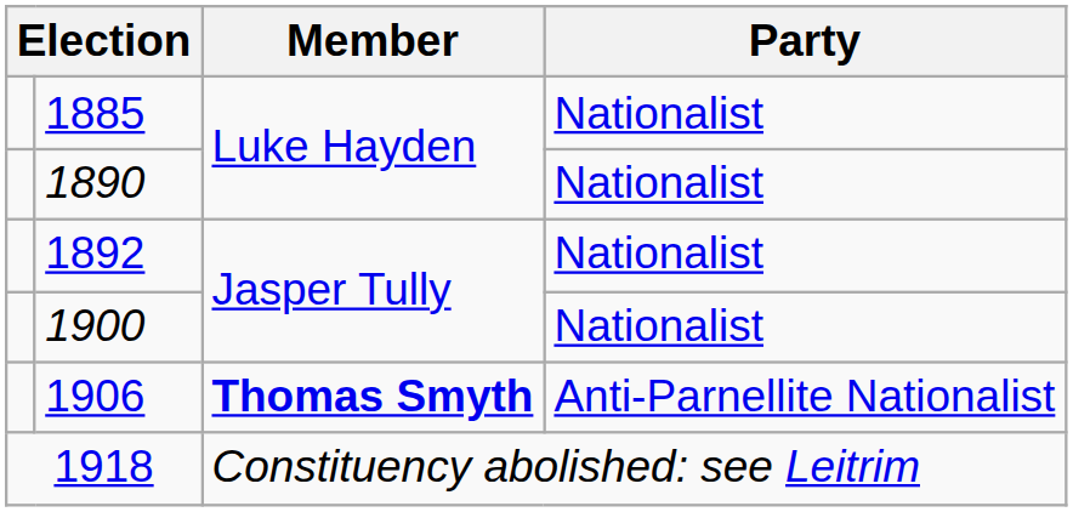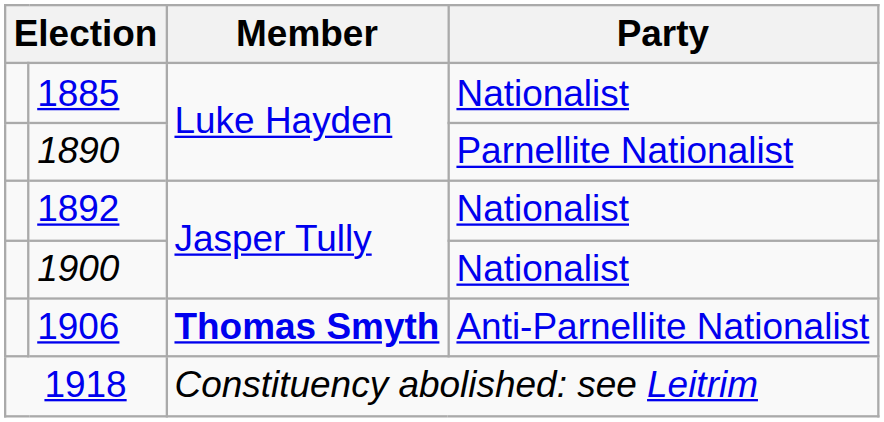 <table class="wikitable">
 <tr>
 <th colspan="2">Election</th>
 <th>Member</th>
 <th>Party</th>
 </tr>
 <tr>
 <td style="color:inherit;background-color: "></td>
 <td><a href='#'>1885</a></td>
 <td rowspan="2"><a href='#'>Luke Hayden</a></td>
 <td><a href='#'>Nationalist</a></td>
 </tr>
 <tr>
 <td style="color:inherit;background-color: "></td>
 <td><em>1890</em></td>
-<td><a href='#'>Nationalist</a></td>
+<td><a href='#'>Parnellite Nationalist</a></td>
 </tr>
 <tr>
 <td style="color:inherit;background-color: "></td>
 <td><a href='#'>1892</a></td>
 <td rowspan="2"><a href='#'>Jasper Tully</a></td>
 <td><a href='#'>Nationalist</a></td>
 </tr>
 <tr>
 <td style="color:inherit;background-color: "></td>
 <td><em>1900</em></td>
 <td><a href='#'>Nationalist</a></td>
 </tr>
 <tr>
 <td style="color:inherit;background-color: "></td>
 <td><a href='#'>1906</a></td>
 <td><strong><a href='#'>Thomas Smyth</a></strong></td>
 <td><a href='#'>Anti-Parnellite Nationalist</a></td>
 </tr>
 <tr>
 <td colspan="2" align="center"><a href='#'>1918</a></td>
 <td colspan="2"><em>Constituency abolished: see <a href='#'>Leitrim</a></em></td>
 </tr>
 </table>
